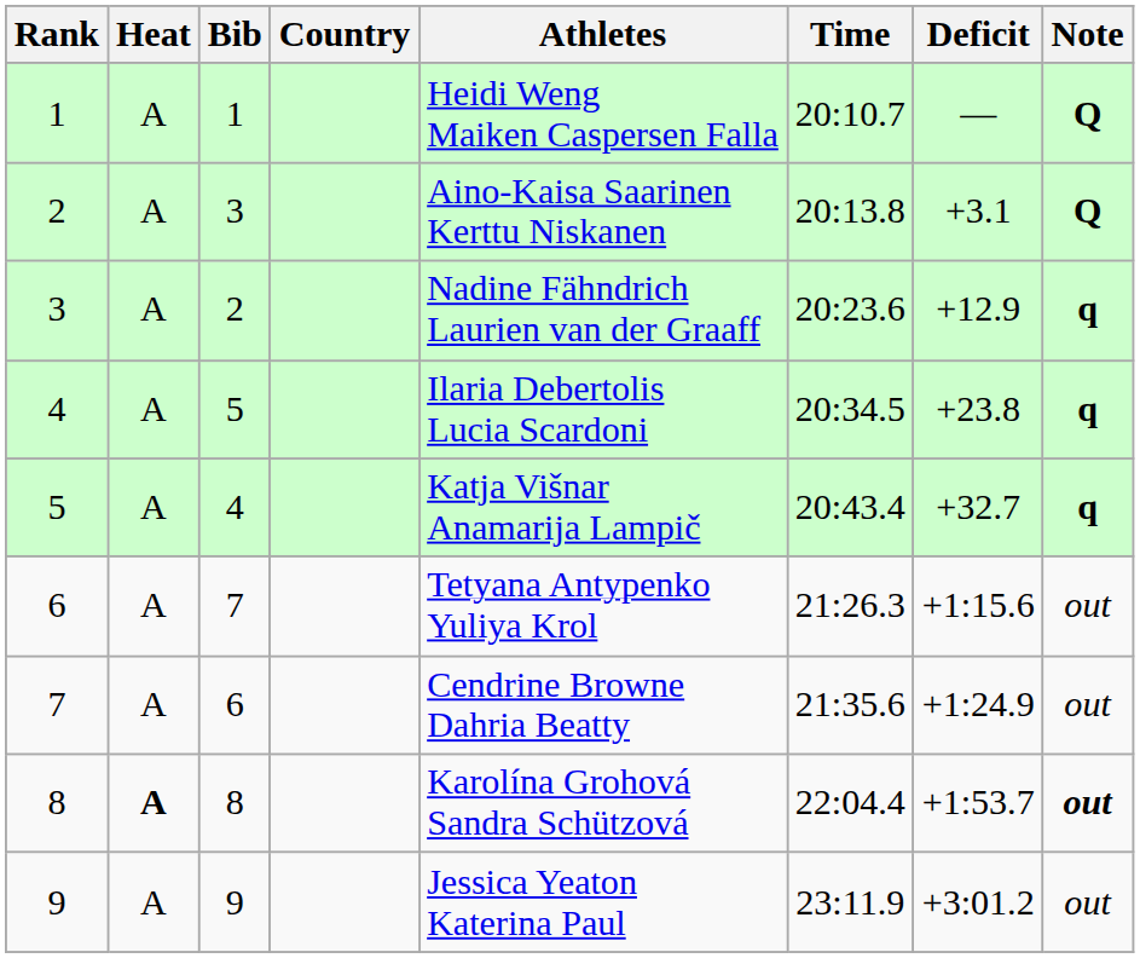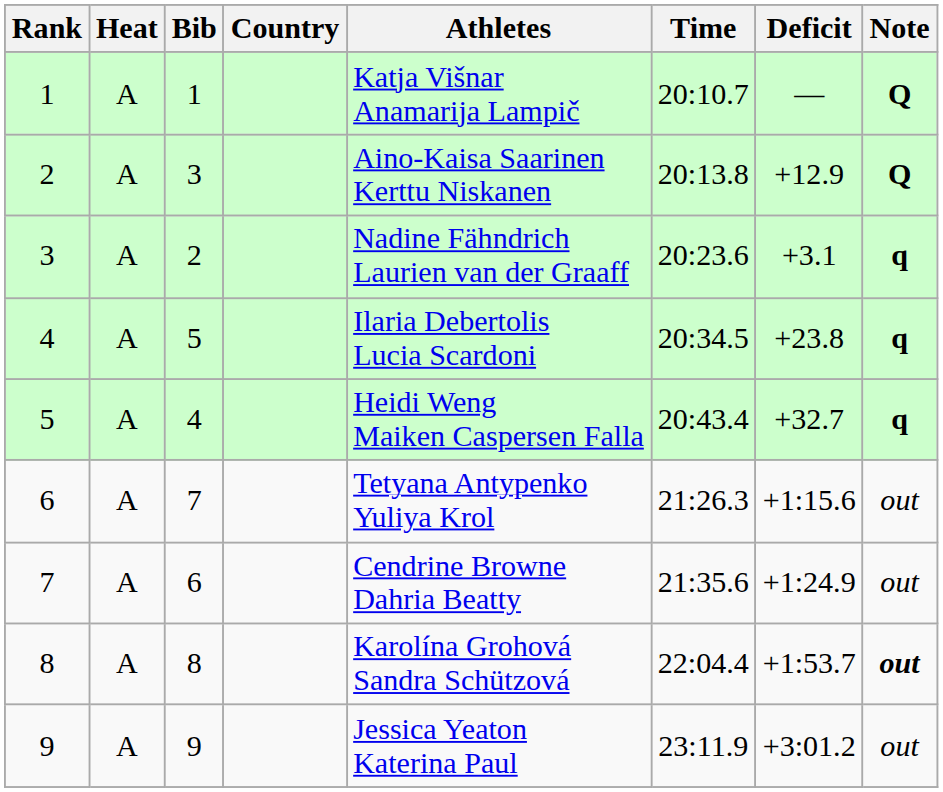 <table class="wikitable sortable" style="text-align:center">
 <tr>
 <th>Rank</th>
 <th>Heat</th>
 <th>Bib</th>
 <th>Country</th>
 <th>Athletes</th>
 <th>Time</th>
 <th>Deficit</th>
 <th>Note</th>
 </tr>
 <tr bgcolor=ccffcc>
 <td>1</td>
 <td>A</td>
 <td>1</td>
 <td align=left></td>
-<td align=left><a href='#'>Heidi Weng</a><br><a href='#'>Maiken Caspersen Falla</a></td>
+<td align=left><a href='#'>Katja Višnar</a><br><a href='#'>Anamarija Lampič</a></td>
 <td>20:10.7</td>
 <td>—</td>
 <td><strong>Q</strong></td>
 </tr>
 <tr bgcolor=ccffcc>
 <td>2</td>
 <td>A</td>
 <td>3</td>
 <td align=left></td>
 <td align=left><a href='#'>Aino-Kaisa Saarinen</a><br><a href='#'>Kerttu Niskanen</a></td>
 <td>20:13.8</td>
-<td>+3.1</td>
+<td>+12.9</td>
 <td><strong>Q</strong></td>
 </tr>
 <tr bgcolor=ccffcc>
 <td>3</td>
 <td>A</td>
 <td>2</td>
 <td align=left></td>
 <td align=left><a href='#'>Nadine Fähndrich</a><br><a href='#'>Laurien van der Graaff</a></td>
 <td>20:23.6</td>
-<td>+12.9</td>
+<td>+3.1</td>
 <td><strong>q</strong></td>
 </tr>
 <tr bgcolor=ccffcc>
 <td>4</td>
 <td>A</td>
 <td>5</td>
 <td align=left></td>
 <td align=left><a href='#'>Ilaria Debertolis</a><br><a href='#'>Lucia Scardoni</a></td>
 <td>20:34.5</td>
 <td>+23.8</td>
 <td><strong>q</strong></td>
 </tr>
 <tr bgcolor=ccffcc>
 <td>5</td>
 <td>A</td>
 <td>4</td>
 <td align=left></td>
-<td align=left><a href='#'>Katja Višnar</a><br><a href='#'>Anamarija Lampič</a></td>
+<td align=left><a href='#'>Heidi Weng</a><br><a href='#'>Maiken Caspersen Falla</a></td>
 <td>20:43.4</td>
 <td>+32.7</td>
 <td><strong>q</strong></td>
 </tr>
 <tr>
 <td>6</td>
 <td>A</td>
 <td>7</td>
 <td align=left></td>
 <td align=left><a href='#'>Tetyana Antypenko</a><br><a href='#'>Yuliya Krol</a></td>
 <td>21:26.3</td>
 <td>+1:15.6</td>
 <td><em>out</em></td>
 </tr>
 <tr>
 <td>7</td>
 <td>A</td>
 <td>6</td>
 <td align=left></td>
 <td align=left><a href='#'>Cendrine Browne</a><br><a href='#'>Dahria Beatty</a></td>
 <td>21:35.6</td>
 <td>+1:24.9</td>
 <td><em>out</em></td>
 </tr>
 <tr>
 <td>8</td>
-<td><strong>A</strong></td>
+<td>A</td>
 <td>8</td>
 <td align=left></td>
 <td align=left><a href='#'>Karolína Grohová</a><br><a href='#'>Sandra Schützová</a></td>
 <td>22:04.4</td>
 <td>+1:53.7</td>
 <td><strong><em>out</em></strong></td>
 </tr>
 <tr>
 <td>9</td>
 <td>A</td>
 <td>9</td>
 <td align=left></td>
 <td align=left><a href='#'>Jessica Yeaton</a><br><a href='#'>Katerina Paul</a></td>
 <td>23:11.9</td>
 <td>+3:01.2</td>
 <td><em>out</em></td>
 </tr>
 </table>
